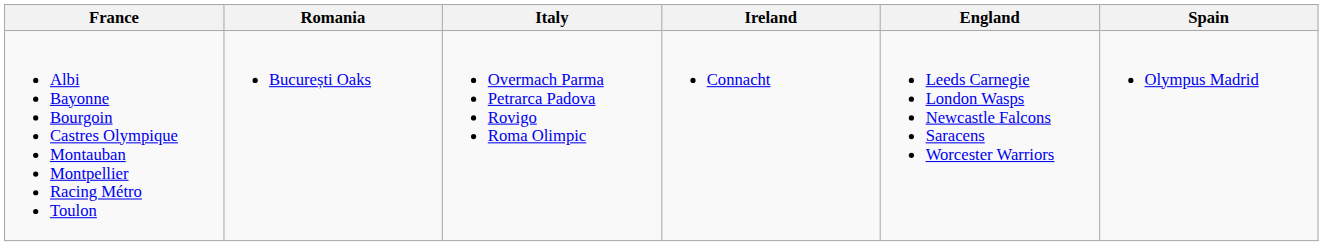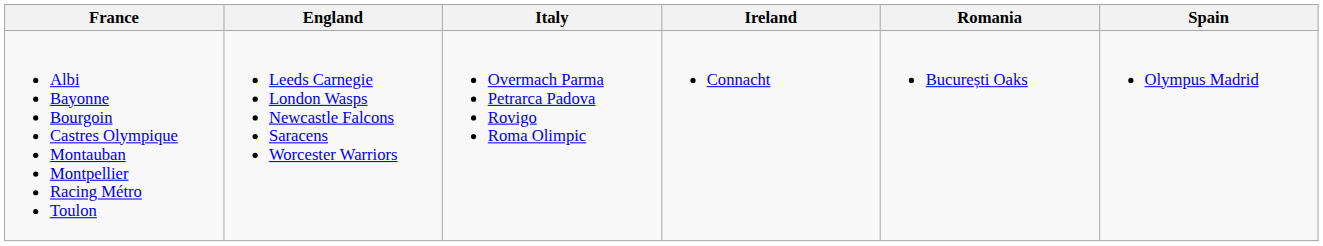 <table class="wikitable" width=100%>
 <tr>
 <th width=16%>France</th>
-<th width=16%>Romania</th>
+<th width=16%>England</th>
 <th width=16%>Italy</th>
 <th width=16%>Ireland</th>
-<th width=16%>England</th>
+<th width=16%>Romania</th>
 <th width=16%>Spain</th>
 </tr>
 <tr valign=top>
 <td><br><ul><li><a href='#'>Albi</a></li><li><a href='#'>Bayonne</a></li><li><a href='#'>Bourgoin</a></li><li><a href='#'>Castres Olympique</a></li><li><a href='#'>Montauban</a></li><li><a href='#'>Montpellier</a></li><li><a href='#'>Racing Métro</a></li><li><a href='#'>Toulon</a></li></ul></td>
-<td><br><ul><li><a href='#'>București Oaks</a></li></ul></td>
+<td><br><ul><li><a href='#'>Leeds Carnegie</a></li><li><a href='#'>London Wasps</a></li><li><a href='#'>Newcastle Falcons</a></li><li><a href='#'>Saracens</a></li><li><a href='#'>Worcester Warriors</a></li></ul></td>
 <td><br><ul><li><a href='#'>Overmach Parma</a></li><li><a href='#'>Petrarca Padova</a></li><li><a href='#'>Rovigo</a></li><li><a href='#'>Roma Olimpic</a></li></ul></td>
 <td><br><ul><li><a href='#'>Connacht</a></li></ul></td>
-<td><br><ul><li><a href='#'>Leeds Carnegie</a></li><li><a href='#'>London Wasps</a></li><li><a href='#'>Newcastle Falcons</a></li><li><a href='#'>Saracens</a></li><li><a href='#'>Worcester Warriors</a></li></ul></td>
+<td><br><ul><li><a href='#'>București Oaks</a></li></ul></td>
 <td><br><ul><li><a href='#'>Olympus Madrid</a></li></ul></td>
 </tr>
 </table>
